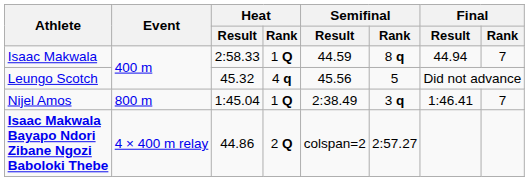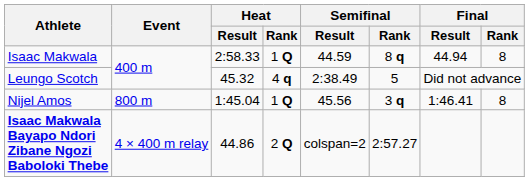 <table class="wikitable" style="font-size:90%">
 <tr>
 <th rowspan="2">Athlete</th>
 <th rowspan="2">Event</th>
 <th colspan="2">Heat</th>
 <th colspan="2">Semifinal</th>
 <th colspan="2">Final</th>
 </tr>
 <tr style="font-size:95%">
 <th>Result</th>
 <th>Rank</th>
 <th>Result</th>
 <th>Rank</th>
 <th>Result</th>
 <th>Rank</th>
 </tr>
 <tr align=center>
 <td align=left><a href='#'>Isaac Makwala</a></td>
 <td align=left rowspan=2><a href='#'>400 m</a></td>
 <td>2:58.33</td>
 <td>1 <strong>Q</strong></td>
 <td>44.59</td>
 <td>8 <strong>q</strong></td>
 <td>44.94</td>
-<td>7</td>
+<td>8</td>
 </tr>
 <tr align=center>
 <td align=left><a href='#'>Leungo Scotch</a></td>
 <td>45.32</td>
 <td>4 <strong>q</strong></td>
-<td>45.56</td>
+<td>2:38.49</td>
 <td>5</td>
 <td colspan="2">Did not advance</td>
 </tr>
 <tr align=center>
 <td align=left><a href='#'>Nijel Amos</a></td>
 <td align=left><a href='#'>800 m</a></td>
 <td>1:45.04</td>
 <td>1 <strong>Q</strong></td>
-<td>2:38.49</td>
+<td>45.56</td>
 <td>3 <strong>q</strong></td>
 <td>1:46.41</td>
-<td>7</td>
+<td>8</td>
 </tr>
 <tr align=center>
 <td align=left><strong><a href='#'>Isaac Makwala</a><br><a href='#'>Bayapo Ndori</a><br><a href='#'>Zibane Ngozi</a><br><a href='#'>Baboloki Thebe</a></strong></td>
 <td align=left><a href='#'>4 × 400 m relay</a></td>
 <td>44.86</td>
 <td>2 <strong>Q</strong></td>
 <td>colspan=2 </td>
 <td>2:57.27</td>
 <td></td>
 </tr>
 </table>
